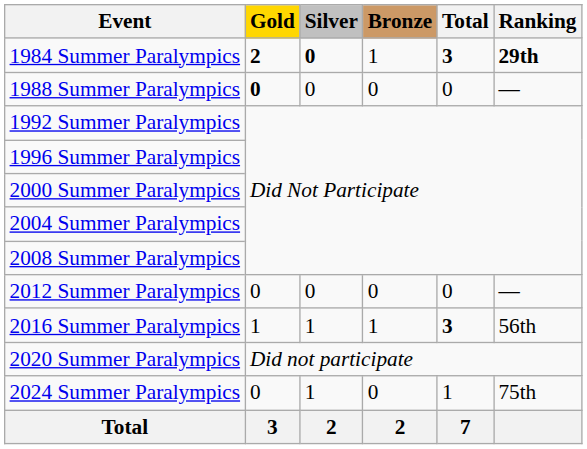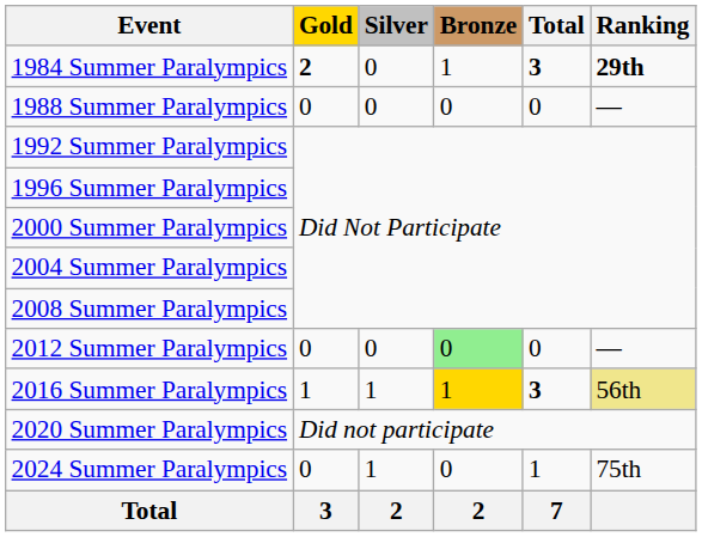 <table class="wikitable">
 <tr>
 <th>Event</th>
 <td style="background:gold; font-weight:bold;">Gold</td>
 <td style="background:silver; font-weight:bold;">Silver</td>
 <td style="background:#cc9966; font-weight:bold;">Bronze</td>
 <th>Total</th>
 <th>Ranking</th>
 </tr>
 <tr>
 <td><a href='#'>1984 Summer Paralympics</a></td>
 <td><strong>2</strong></td>
-<td><strong>0</strong></td>
+<td>0</td>
 <td>1</td>
 <td><strong>3</strong></td>
 <td><strong>29th</strong></td>
 </tr>
 <tr>
 <td><a href='#'>1988 Summer Paralympics</a></td>
-<td><strong>0</strong></td>
+<td>0</td>
 <td>0</td>
 <td>0</td>
 <td>0</td>
 <td>—</td>
 </tr>
 <tr>
 <td><a href='#'>1992 Summer Paralympics</a></td>
 <td colspan=6 rowspan=5><em>Did Not Participate</em></td>
 </tr>
 <tr>
 <td><a href='#'>1996 Summer Paralympics</a></td>
 </tr>
 <tr>
 <td><a href='#'>2000 Summer Paralympics</a></td>
 </tr>
 <tr>
 <td><a href='#'>2004 Summer Paralympics</a></td>
 </tr>
 <tr>
 <td><a href='#'>2008 Summer Paralympics</a></td>
 </tr>
 <tr>
 <td><a href='#'>2012 Summer Paralympics</a></td>
 <td>0</td>
 <td>0</td>
-<td>0</td>
+<td style="background: lightgreen;">0</td>
 <td>0</td>
 <td>—</td>
 </tr>
 <tr>
 <td><a href='#'>2016 Summer Paralympics</a></td>
 <td>1</td>
 <td>1</td>
-<td>1</td>
+<td style="background: gold;">1</td>
 <td><strong>3</strong></td>
-<td>56th</td>
+<td style="background: khaki;">56th</td>
 </tr>
 <tr>
 <td><a href='#'>2020 Summer Paralympics</a></td>
 <td colspan=5><em>Did not participate</em></td>
 </tr>
 <tr>
 <td><a href='#'>2024 Summer Paralympics</a></td>
 <td>0</td>
 <td>1</td>
 <td>0</td>
 <td>1</td>
 <td>75th</td>
 </tr>
 <tr>
 <th>Total</th>
 <th>3</th>
 <th>2</th>
 <th>2</th>
 <th>7</th>
 <th></th>
 </tr>
 </table>
